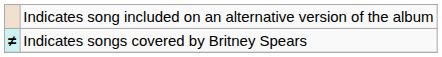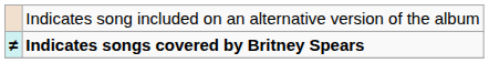 <table class="wikitable" style="font-size:90%;">
 <tr>
 <th scope="row" style="background-color:#F2E0CE"></th>
 <td>Indicates song included on an alternative version of the album</td>
 </tr>
 <tr>
 <th scope="row" style="background-color:#CEF2F2">≠</th>
-<td>Indicates songs covered by Britney Spears</td>
+<td><strong>Indicates songs covered by Britney Spears</strong></td>
 </tr>
 <tr>
 </tr>
 </table>
